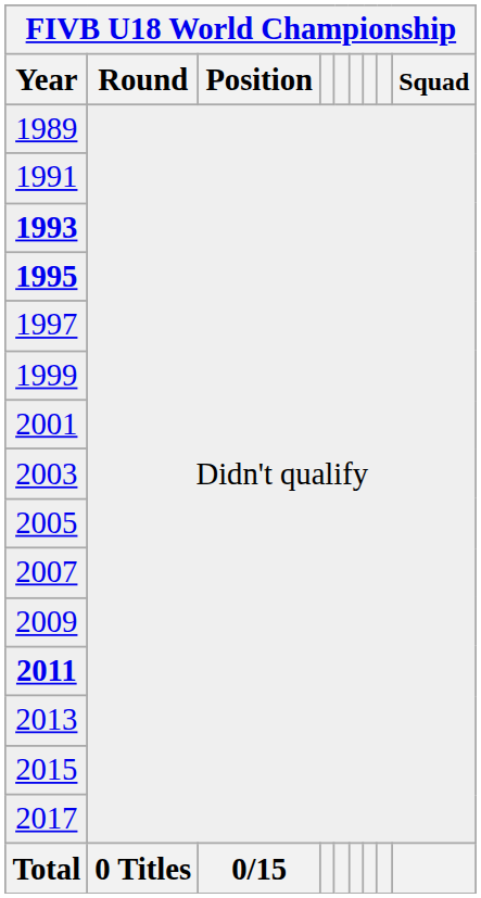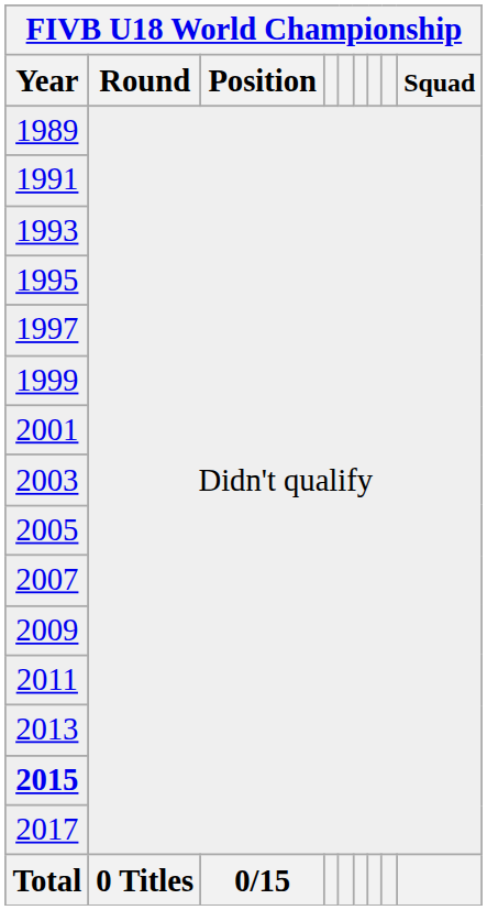 <table class="wikitable" style="text-align: center;">
 <tr>
 <th colspan=9><a href='#'>FIVB U18 World Championship</a></th>
 </tr>
 <tr>
 <th>Year</th>
 <th>Round</th>
 <th>Position</th>
 <th></th>
 <th></th>
 <th></th>
 <th></th>
 <th></th>
 <th><small>Squad</small></th>
 </tr>
 <tr bgcolor="efefef">
 <td> <a href='#'>1989</a></td>
 <td colspan=9 rowspan=15>Didn't qualify</td>
 </tr>
 <tr bgcolor="efefef">
 <td> <a href='#'>1991</a></td>
 </tr>
 <tr bgcolor="efefef">
-<td><strong> <a href='#'>1993</a></strong></td>
+<td> <a href='#'>1993</a></td>
 </tr>
 <tr bgcolor="efefef">
-<td><strong> <a href='#'>1995</a></strong></td>
+<td> <a href='#'>1995</a></td>
 </tr>
 <tr bgcolor="efefef">
 <td> <a href='#'>1997</a></td>
 </tr>
 <tr bgcolor="efefef">
 <td> <a href='#'>1999</a></td>
 </tr>
 <tr bgcolor="efefef">
 <td> <a href='#'>2001</a></td>
 </tr>
 <tr bgcolor="efefef">
 <td> <a href='#'>2003</a></td>
 </tr>
 <tr bgcolor="efefef">
 <td> <a href='#'>2005</a></td>
 </tr>
 <tr bgcolor="efefef">
 <td> <a href='#'>2007</a></td>
 </tr>
 <tr bgcolor="efefef">
 <td> <a href='#'>2009</a></td>
 </tr>
 <tr bgcolor="efefef">
-<td><strong> <a href='#'>2011</a></strong></td>
+<td> <a href='#'>2011</a></td>
 </tr>
 <tr bgcolor="efefef">
 <td> <a href='#'>2013</a></td>
 </tr>
 <tr bgcolor="efefef">
-<td> <a href='#'>2015</a></td>
+<td><strong> <a href='#'>2015</a></strong></td>
 </tr>
 <tr bgcolor="efefef">
 <td> <a href='#'>2017</a></td>
 </tr>
 <tr>
 <th>Total</th>
 <th>0 Titles</th>
 <th>0/15</th>
 <th></th>
 <th></th>
 <th></th>
 <th></th>
 <th></th>
 <th></th>
 </tr>
 </table>
